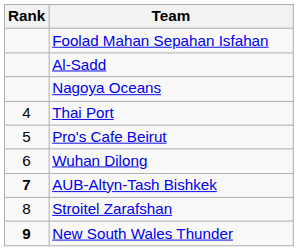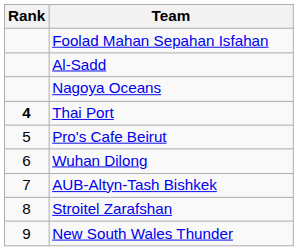 <table class="wikitable" style="text-align:center;">
 <tr>
 <th width=20>Rank</th>
 <th width=250>Team</th>
 </tr>
 <tr>
 <td></td>
 <td style="text-align:left;"> <a href='#'>Foolad Mahan Sepahan Isfahan</a></td>
 </tr>
 <tr>
 <td></td>
 <td style="text-align:left;"> <a href='#'>Al-Sadd</a></td>
 </tr>
 <tr>
 <td></td>
 <td style="text-align:left;"> <a href='#'>Nagoya Oceans</a></td>
 </tr>
 <tr>
-<td>4</td>
+<td><strong>4</strong></td>
 <td style="text-align:left;"> <a href='#'>Thai Port</a></td>
 </tr>
 <tr>
 <td>5</td>
 <td style="text-align:left;"> <a href='#'>Pro's Cafe Beirut</a></td>
 </tr>
 <tr>
 <td>6</td>
 <td style="text-align:left;"> <a href='#'>Wuhan Dilong</a></td>
 </tr>
 <tr>
-<td><strong>7</strong></td>
+<td>7</td>
 <td style="text-align:left;"> <a href='#'>AUB-Altyn-Tash Bishkek</a></td>
 </tr>
 <tr>
 <td>8</td>
 <td style="text-align:left;"> <a href='#'>Stroitel Zarafshan</a></td>
 </tr>
 <tr>
-<td><strong>9</strong></td>
+<td>9</td>
 <td style="text-align:left;"> <a href='#'>New South Wales Thunder</a></td>
 </tr>
 </table>
